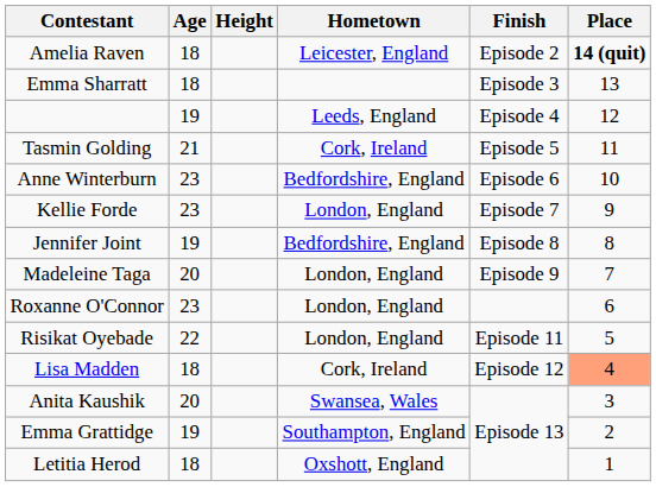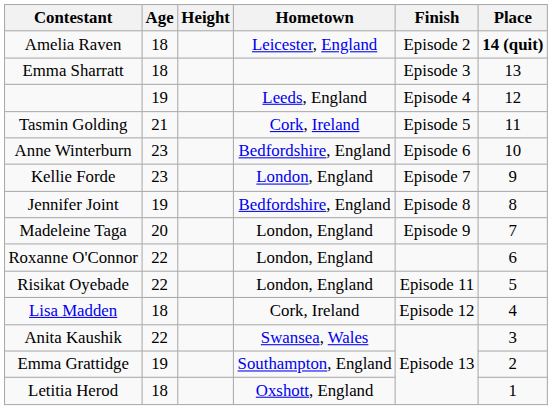 <table class="wikitable sortable" style="text-align:center;">
 <tr>
 <th>Contestant</th>
 <th>Age</th>
 <th>Height</th>
 <th>Hometown</th>
 <th>Finish</th>
 <th>Place</th>
 </tr>
 <tr>
 <td>Amelia Raven</td>
 <td>18</td>
 <td></td>
 <td><a href='#'>Leicester</a>, <a href='#'>England</a></td>
 <td>Episode 2</td>
 <td><strong>14 (quit)</strong></td>
 </tr>
 <tr>
 <td>Emma Sharratt</td>
 <td>18</td>
 <td></td>
 <td></td>
 <td>Episode 3</td>
 <td>13</td>
 </tr>
 <tr>
 <td></td>
 <td>19</td>
 <td></td>
 <td><a href='#'>Leeds</a>, England</td>
 <td>Episode 4</td>
 <td>12</td>
 </tr>
 <tr>
 <td>Tasmin Golding</td>
 <td>21</td>
 <td></td>
 <td><a href='#'>Cork</a>, <a href='#'>Ireland</a></td>
 <td>Episode 5</td>
 <td>11</td>
 </tr>
 <tr>
 <td>Anne Winterburn</td>
 <td>23</td>
 <td></td>
 <td><a href='#'>Bedfordshire</a>, England</td>
 <td>Episode 6</td>
 <td>10</td>
 </tr>
 <tr>
 <td>Kellie Forde</td>
 <td>23</td>
 <td></td>
 <td><a href='#'>London</a>, England</td>
 <td>Episode 7</td>
 <td>9</td>
 </tr>
 <tr>
 <td>Jennifer Joint</td>
 <td>19</td>
 <td></td>
 <td><a href='#'>Bedfordshire</a>, England</td>
 <td>Episode 8</td>
 <td>8</td>
 </tr>
 <tr>
 <td>Madeleine Taga</td>
 <td>20</td>
 <td></td>
 <td>London, England</td>
 <td>Episode 9</td>
 <td>7</td>
 </tr>
 <tr>
 <td>Roxanne O'Connor</td>
-<td>23</td>
+<td>22</td>
 <td></td>
 <td>London, England</td>
 <td></td>
 <td>6</td>
 </tr>
 <tr>
 <td>Risikat Oyebade</td>
 <td>22</td>
 <td></td>
 <td>London, England</td>
 <td>Episode 11</td>
 <td>5</td>
 </tr>
 <tr>
 <td><a href='#'>Lisa Madden</a></td>
 <td>18</td>
 <td></td>
 <td>Cork, Ireland</td>
 <td>Episode 12</td>
-<td style="background: lightsalmon;">4</td>
+<td>4</td>
 </tr>
 <tr>
 <td>Anita Kaushik</td>
-<td>20</td>
+<td>22</td>
 <td></td>
 <td><a href='#'>Swansea</a>, <a href='#'>Wales</a></td>
 <td rowspan=3>Episode 13</td>
 <td>3</td>
 </tr>
 <tr>
 <td>Emma Grattidge</td>
 <td>19</td>
 <td></td>
 <td><a href='#'>Southampton</a>, England</td>
 <td>2</td>
 </tr>
 <tr>
 <td>Letitia Herod</td>
 <td>18</td>
 <td></td>
 <td><a href='#'>Oxshott</a>, England</td>
 <td>1</td>
 </tr>
 </table>
